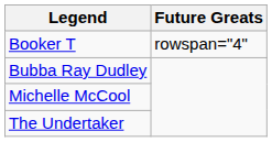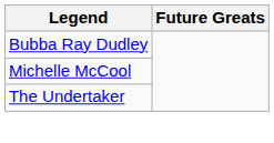 <table class="wikitable">
 <tr>
 <th>Legend</th>
 <th>Future Greats</th>
-</tr>
-<tr>
-<td><a href='#'>Booker T</a></td>
-<td>rowspan="4" </td>
 </tr>
 <tr>
 <td><a href='#'>Bubba Ray Dudley</a></td>
 </tr>
 <tr>
 <td><a href='#'>Michelle McCool</a></td>
 </tr>
 <tr>
 <td><a href='#'>The Undertaker</a></td>
 </tr>
 </table>
